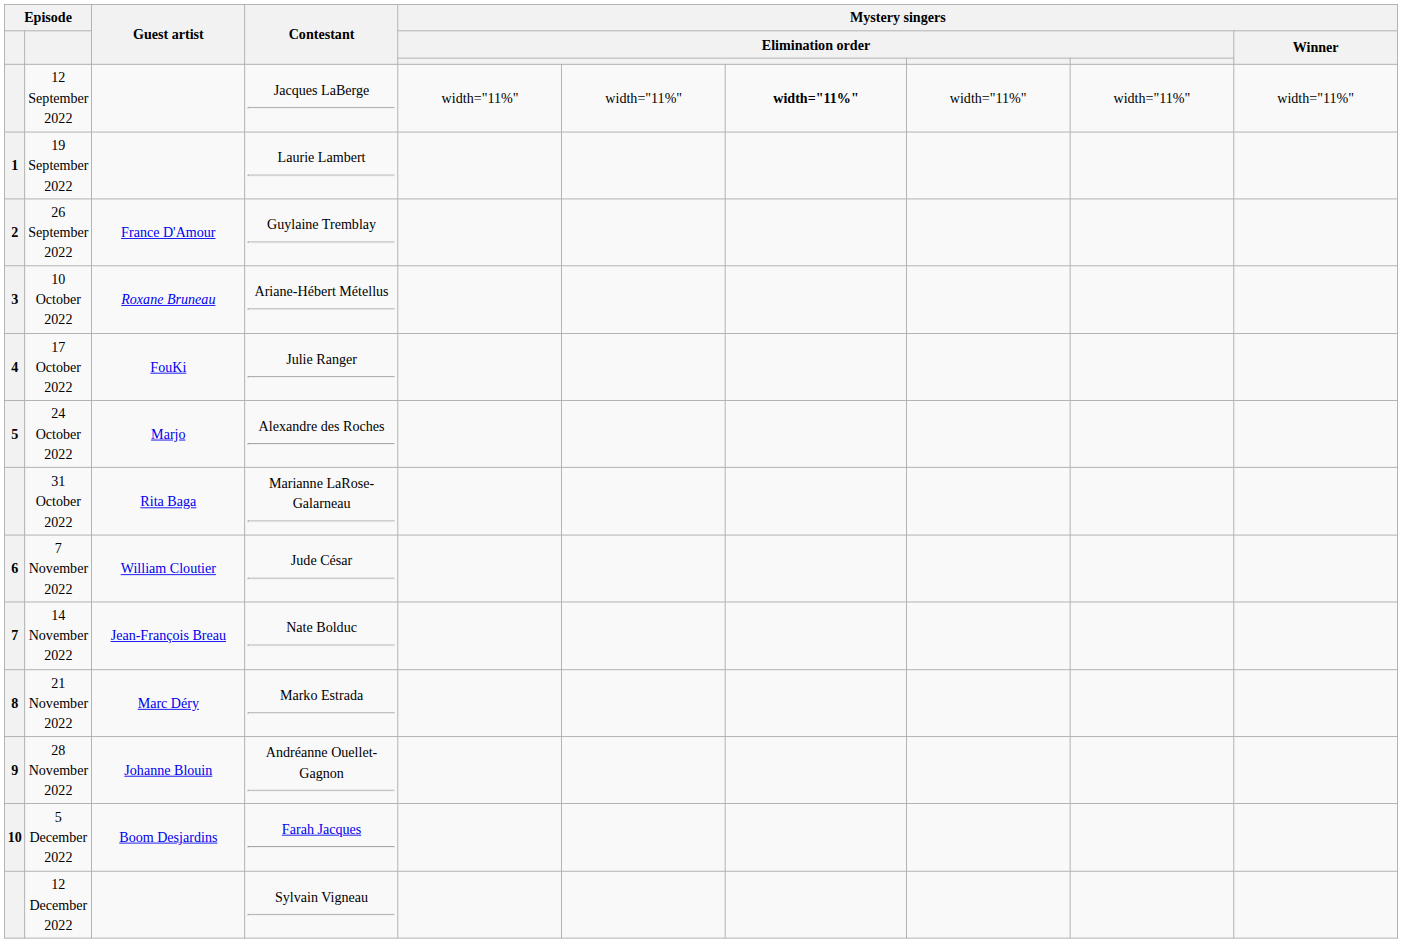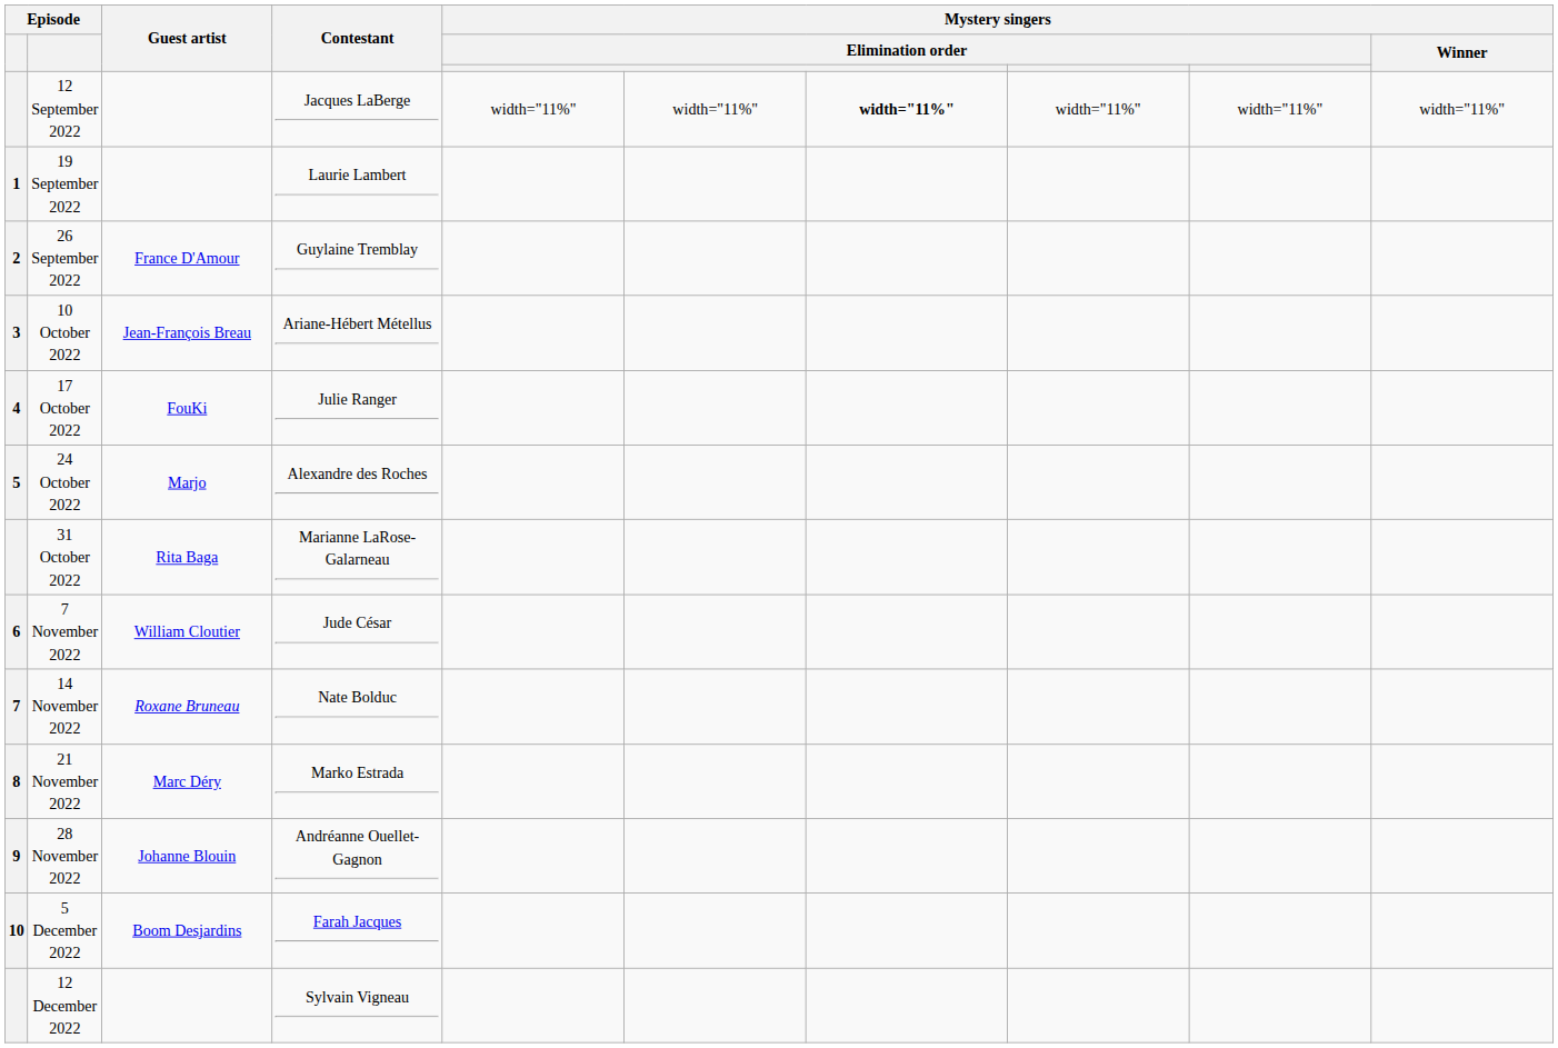 <table class="wikitable plainrowheaders mw-collapsible" style="text-align:center; line-height:23px; width:100%;">
 <tr>
 <th colspan="2" width="1%">Episode</th>
 <th rowspan="3" width="11%">Guest artist</th>
 <th rowspan="3" width="11%">Contestant</th>
 <th colspan="6">Mystery singers<br></th>
 </tr>
 <tr>
 <th rowspan="2"></th>
 <th rowspan="2"></th>
 <th colspan="5">Elimination order</th>
 <th rowspan="2">Winner</th>
 </tr>
 <tr>
 <th colspan="3"></th>
 <th></th>
 <th></th>
 </tr>
 <tr>
 <th></th>
 <td>12 September 2022</td>
 <td></td>
 <td>Jacques LaBerge<hr></td>
 <td>width="11%" </td>
 <td>width="11%" </td>
 <td><strong>width="11%" </strong></td>
 <td>width="11%" </td>
 <td>width="11%" </td>
 <td>width="11%" </td>
 </tr>
 <tr>
 <th>1</th>
 <td>19 September 2022</td>
 <td><br></td>
 <td>Laurie Lambert<hr></td>
 <td></td>
 <td></td>
 <td></td>
 <td></td>
 <td></td>
 <td></td>
 </tr>
 <tr>
 <th>2</th>
 <td>26 September 2022</td>
 <td><a href='#'>France D'Amour</a></td>
 <td>Guylaine Tremblay<hr></td>
 <td></td>
 <td></td>
 <td></td>
 <td></td>
 <td></td>
 <td></td>
 </tr>
 <tr>
 <th>3</th>
 <td>10 October 2022</td>
-<td><em><a href='#'>Roxane Bruneau</a></em></td>
+<td><a href='#'>Jean-François Breau</a><br></td>
 <td>Ariane-Hébert Métellus<hr></td>
 <td></td>
 <td></td>
 <td></td>
 <td></td>
 <td></td>
 <td></td>
 </tr>
 <tr>
 <th>4</th>
 <td>17 October 2022</td>
 <td><a href='#'>FouKi</a></td>
 <td>Julie Ranger<hr></td>
 <td></td>
 <td></td>
 <td></td>
 <td></td>
 <td></td>
 <td></td>
 </tr>
 <tr>
 <th>5</th>
 <td>24 October 2022</td>
 <td><a href='#'>Marjo</a></td>
 <td>Alexandre des Roches<hr></td>
 <td></td>
 <td></td>
 <td></td>
 <td></td>
 <td></td>
 <td></td>
 </tr>
 <tr>
 <th></th>
 <td>31 October 2022</td>
 <td><a href='#'>Rita Baga</a></td>
 <td>Marianne LaRose-Galarneau<hr></td>
 <td></td>
 <td></td>
 <td></td>
 <td></td>
 <td></td>
 <td></td>
 </tr>
 <tr>
 <th>6</th>
 <td>7 November 2022</td>
 <td><a href='#'>William Cloutier</a><br></td>
 <td>Jude César<hr></td>
 <td></td>
 <td></td>
 <td></td>
 <td></td>
 <td></td>
 <td></td>
 </tr>
 <tr>
 <th>7</th>
 <td>14 November 2022</td>
-<td><a href='#'>Jean-François Breau</a><br></td>
+<td><em><a href='#'>Roxane Bruneau</a></em></td>
 <td>Nate Bolduc<hr></td>
 <td></td>
 <td></td>
 <td></td>
 <td></td>
 <td></td>
 <td></td>
 </tr>
 <tr>
 <th>8</th>
 <td>21 November 2022</td>
 <td><a href='#'>Marc Déry</a></td>
 <td>Marko Estrada<hr></td>
 <td></td>
 <td></td>
 <td></td>
 <td></td>
 <td></td>
 <td></td>
 </tr>
 <tr>
 <th>9</th>
 <td>28 November 2022</td>
 <td><a href='#'>Johanne Blouin</a></td>
 <td>Andréanne Ouellet-Gagnon<hr></td>
 <td></td>
 <td></td>
 <td></td>
 <td></td>
 <td></td>
 <td></td>
 </tr>
 <tr>
 <th>10</th>
 <td>5 December 2022</td>
 <td><a href='#'>Boom Desjardins</a><br></td>
 <td><a href='#'>Farah Jacques</a><hr></td>
 <td></td>
 <td></td>
 <td></td>
 <td></td>
 <td></td>
 <td></td>
 </tr>
 <tr>
 <th></th>
 <td>12 December 2022</td>
 <td></td>
 <td>Sylvain Vigneau<hr></td>
 <td></td>
 <td></td>
 <td></td>
 <td></td>
 <td></td>
 <td></td>
 </tr>
 </table>
